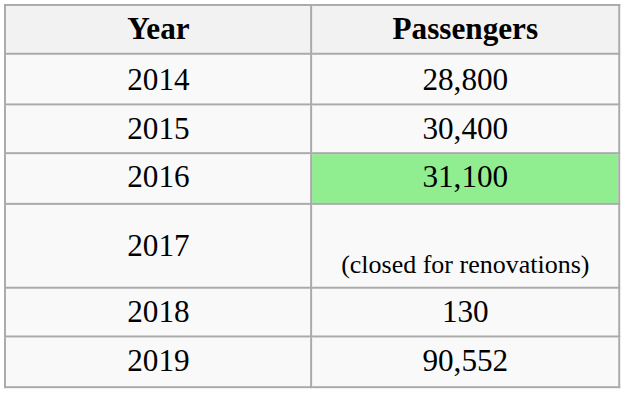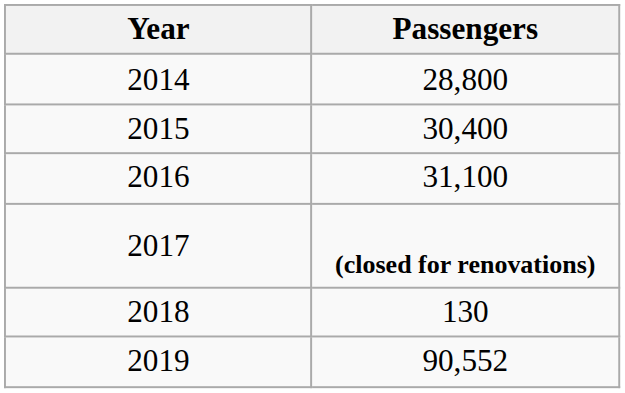 <table class="wikitable" style="text-align: center;">
 <tr bgcolor=lightgrey>
 <th width="150">Year</th>
 <th width="150">Passengers</th>
 </tr>
 <tr>
 <td>2014</td>
 <td>28,800</td>
 </tr>
 <tr>
 <td>2015</td>
 <td>30,400</td>
 </tr>
 <tr>
 <td>2016</td>
-<td style="background: lightgreen;">31,100</td>
+<td>31,100</td>
 </tr>
 <tr>
 <td>2017</td>
-<td><br><small>(closed for renovations)</small></td>
+<td><strong><br><small>(closed for renovations)</small></strong></td>
 </tr>
 <tr>
 <td>2018</td>
 <td>130</td>
 </tr>
 <tr>
 <td>2019</td>
 <td>90,552</td>
 </tr>
 </table>
